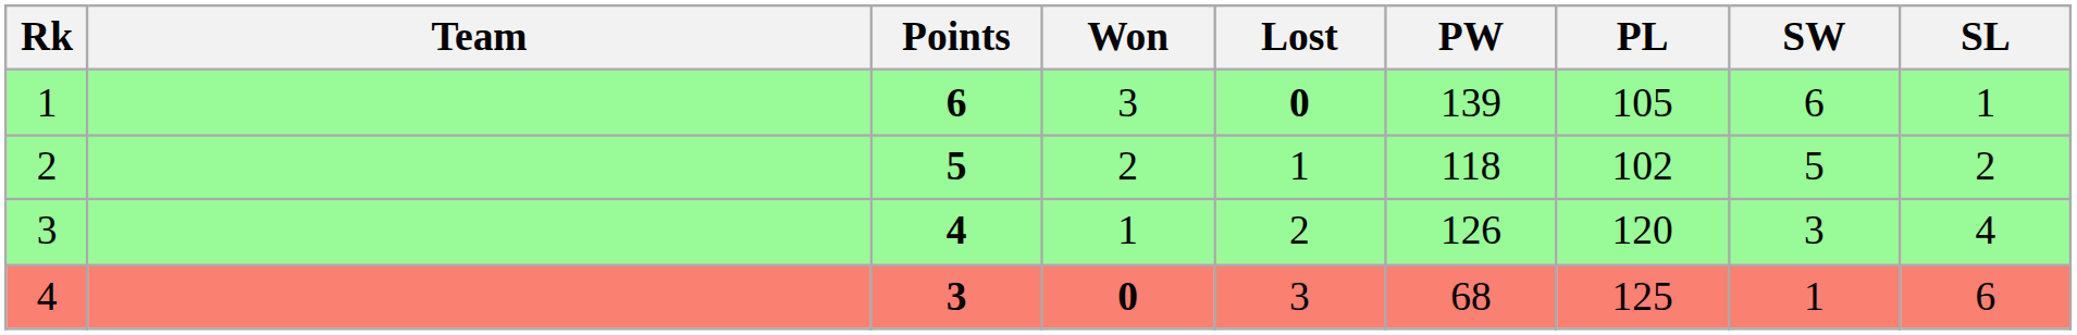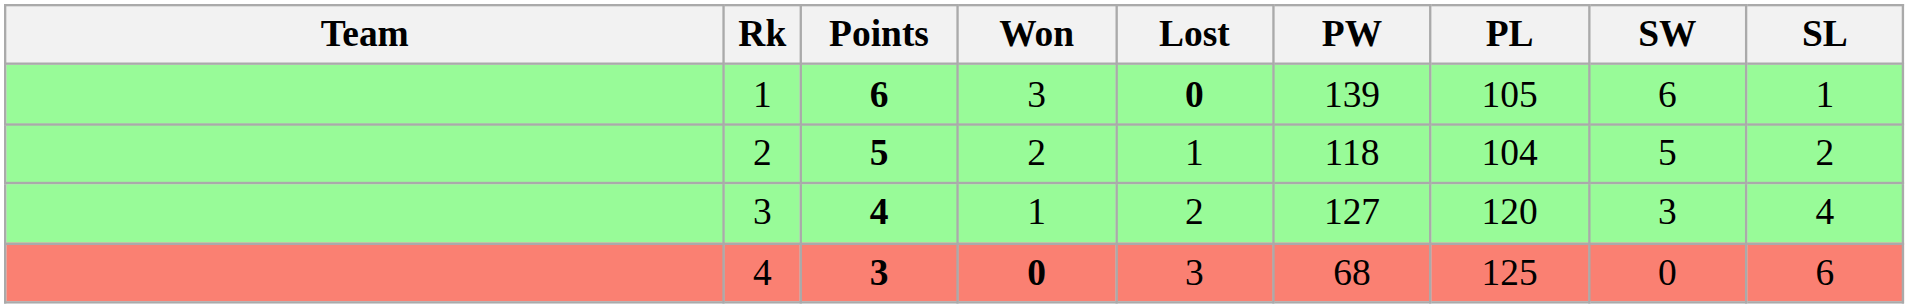 <table class=wikitable style=text-align:center>
 <tr>
+<th width=300>Team</th>
 <th width=25>Rk</th>
-<th width=300>Team</th>
 <th width=60>Points</th>
 <th width=60>Won</th>
 <th width=60>Lost</th>
 <th width=60>PW</th>
 <th width=60>PL</th>
 <th width=60>SW</th>
 <th width=60>SL</th>
 </tr>
 <tr bgcolor="98fb98">
+<td align=left></td>
 <td>1</td>
-<td align=left></td>
 <td><strong>6</strong></td>
 <td>3</td>
 <td><strong>0</strong></td>
 <td>139</td>
 <td>105</td>
 <td>6</td>
 <td>1</td>
 </tr>
 <tr bgcolor="98fb98">
+<td align=left></td>
 <td>2</td>
-<td align=left></td>
 <td><strong>5</strong></td>
 <td>2</td>
 <td>1</td>
 <td>118</td>
-<td>102</td>
+<td>104</td>
 <td>5</td>
 <td>2</td>
 </tr>
 <tr bgcolor="98fb98">
+<td align=left></td>
 <td>3</td>
-<td align=left></td>
 <td><strong>4</strong></td>
 <td>1</td>
 <td>2</td>
-<td>126</td>
+<td>127</td>
 <td>120</td>
 <td>3</td>
 <td>4</td>
 </tr>
 <tr style="background: salmon">
+<td align=left></td>
 <td>4</td>
-<td align=left></td>
 <td><strong>3</strong></td>
 <td><strong>0</strong></td>
 <td>3</td>
 <td>68</td>
 <td>125</td>
-<td>1</td>
+<td>0</td>
 <td>6</td>
 </tr>
 </table>
